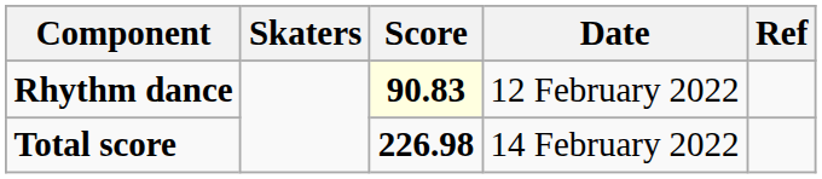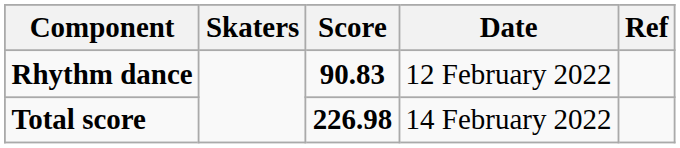 <table class="wikitable">
 <tr>
 <th>Component</th>
 <th>Skaters</th>
 <th>Score</th>
 <th>Date</th>
 <th>Ref</th>
 </tr>
 <tr>
 <td><strong>Rhythm dance</strong></td>
 <td rowspan=2></td>
-<td align="center" style="background: lightyellow;"><strong>90.83</strong></td>
+<td align="center"><strong>90.83</strong></td>
 <td>12 February 2022</td>
 <td></td>
 </tr>
 <tr>
 <td><strong>Total score</strong></td>
 <td align="center"><strong>226.98</strong></td>
 <td>14 February 2022</td>
 <td></td>
 </tr>
 </table>
